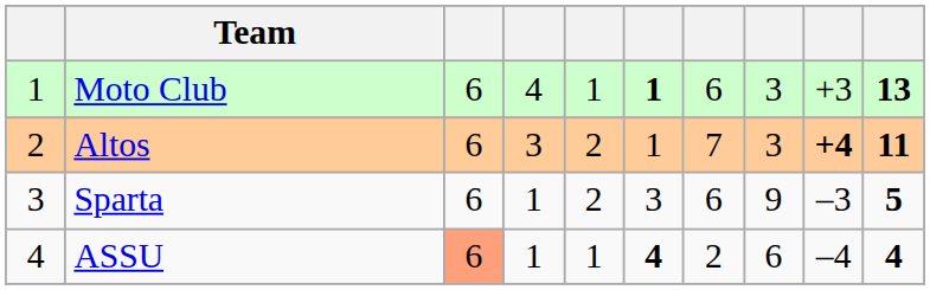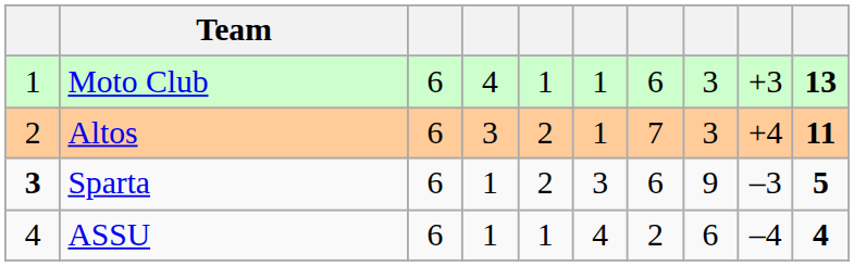 <table class="wikitable" style="text-align: center;">
 <tr>
 <th width=20></th>
 <th width=165>Team</th>
 <th width=20></th>
 <th width=20></th>
 <th width=20></th>
 <th width=20></th>
 <th width=20></th>
 <th width=20></th>
 <th width=20></th>
 <th width=20></th>
 </tr>
 <tr bgcolor=#ccffcc>
 <td>1</td>
 <td align=left> <a href='#'>Moto Club</a></td>
 <td>6</td>
 <td>4</td>
 <td>1</td>
-<td><strong>1</strong></td>
+<td>1</td>
 <td>6</td>
 <td>3</td>
 <td>+3</td>
 <td><strong>13</strong></td>
 </tr>
 <tr bgcolor=#ffcc99>
 <td>2</td>
 <td align=left> <a href='#'>Altos</a></td>
 <td>6</td>
 <td>3</td>
 <td>2</td>
 <td>1</td>
 <td>7</td>
 <td>3</td>
-<td><strong>+4</strong></td>
+<td>+4</td>
 <td><strong>11</strong></td>
 </tr>
 <tr>
-<td>3</td>
+<td><strong>3</strong></td>
 <td align=left> <a href='#'>Sparta</a></td>
 <td>6</td>
 <td>1</td>
 <td>2</td>
 <td>3</td>
 <td>6</td>
 <td>9</td>
 <td>–3</td>
 <td><strong>5</strong></td>
 </tr>
 <tr>
 <td>4</td>
 <td align=left> <a href='#'>ASSU</a></td>
-<td style="background: lightsalmon;">6</td>
+<td>6</td>
 <td>1</td>
 <td>1</td>
-<td><strong>4</strong></td>
+<td>4</td>
 <td>2</td>
 <td>6</td>
 <td>–4</td>
 <td><strong>4</strong></td>
 </tr>
 </table>
